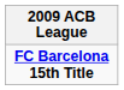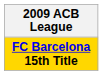 <table class="wikitable" style="margin: 0 auto; width: 20%;">
 <tr>
 <th>2009 ACB League</th>
 </tr>
 <tr>
-<td align=center><strong><a href='#'>FC Barcelona</a></strong><br><strong>15th Title</strong> <br></td>
+<td align=center style="background: gold;"><strong><a href='#'>FC Barcelona</a></strong><br><strong>15th Title</strong> <br></td>
 </tr>
 </table>
